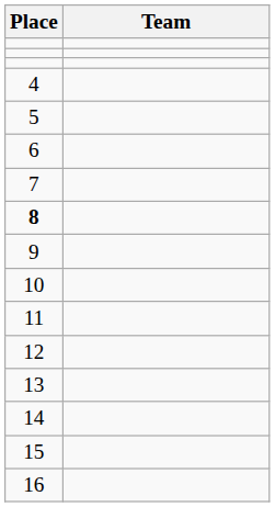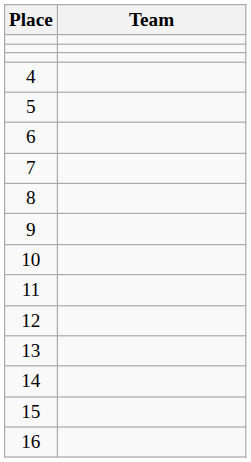 <table class="wikitable" style="text-align:center;">
 <tr>
 <th width=30>Place</th>
 <th width=150>Team</th>
 </tr>
 <tr>
 <td></td>
 <td align="left"></td>
 </tr>
 <tr>
 <td></td>
 <td align="left"></td>
 </tr>
 <tr>
 <td></td>
 <td align="left"></td>
 </tr>
 <tr>
 <td>4</td>
 <td align="left"></td>
 </tr>
 <tr>
 <td>5</td>
 <td align="left"></td>
 </tr>
 <tr>
 <td>6</td>
 <td align="left"></td>
 </tr>
 <tr>
 <td>7</td>
 <td align="left"></td>
 </tr>
 <tr>
-<td><strong>8</strong></td>
+<td>8</td>
 <td align="left"></td>
 </tr>
 <tr>
 <td>9</td>
 <td align="left"></td>
 </tr>
 <tr>
 <td>10</td>
 <td align="left"></td>
 </tr>
 <tr>
 <td>11</td>
 <td align="left"></td>
 </tr>
 <tr>
 <td>12</td>
 <td align="left"></td>
 </tr>
 <tr>
 <td>13</td>
 <td align="left"></td>
 </tr>
 <tr>
 <td>14</td>
 <td align="left"></td>
 </tr>
 <tr>
 <td>15</td>
 <td align="left"></td>
 </tr>
 <tr>
 <td>16</td>
 <td align="left"></td>
 </tr>
 </table>
